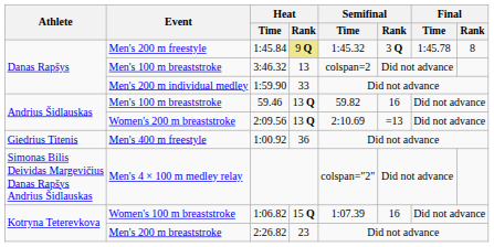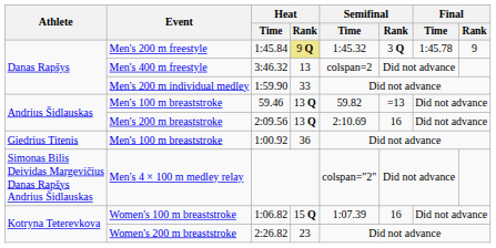 <table class=wikitable style="font-size:90%">
 <tr>
 <th rowspan="2">Athlete</th>
 <th rowspan="2">Event</th>
 <th colspan="2">Heat</th>
 <th colspan="2">Semifinal</th>
 <th colspan="2">Final</th>
 </tr>
 <tr style="font-size:95%">
 <th>Time</th>
 <th>Rank</th>
 <th>Time</th>
 <th>Rank</th>
 <th>Time</th>
 <th>Rank</th>
 </tr>
 <tr align=center>
 <td align=left rowspan=3><a href='#'>Danas Rapšys</a></td>
 <td align=left><a href='#'>Men's 200 m freestyle</a></td>
 <td>1:45.84</td>
 <td style="background: khaki;">9 <strong>Q</strong></td>
 <td>1:45.32</td>
 <td>3 <strong>Q</strong></td>
 <td>1:45.78</td>
-<td>8</td>
+<td>9</td>
 </tr>
 <tr align=center>
-<td align=left><a href='#'>Men's 100 m breaststroke</a></td>
+<td align=left><a href='#'>Men's 400 m freestyle</a></td>
 <td>3:46.32</td>
 <td>13</td>
 <td>colspan=2 </td>
 <td colspan="2">Did not advance</td>
 </tr>
 <tr align=center>
 <td align=left><a href='#'>Men's 200 m individual medley</a></td>
 <td>1:59.90</td>
 <td>33</td>
 <td colspan="4">Did not advance</td>
 </tr>
 <tr align=center>
 <td align=left rowspan=2><a href='#'>Andrius Šidlauskas</a></td>
 <td align=left><a href='#'>Men's 100 m breaststroke</a></td>
 <td>59.46</td>
 <td>13 <strong>Q</strong></td>
 <td>59.82</td>
+<td>=13</td>
+<td colspan="2">Did not advance</td>
+</tr>
+<tr align=center>
+<td align=left><a href='#'>Men's 200 m breaststroke</a></td>
+<td>2:09.56</td>
+<td>13 <strong>Q</strong></td>
+<td>2:10.69</td>
 <td>16</td>
 <td colspan="2">Did not advance</td>
 </tr>
 <tr align=center>
-<td align=left><a href='#'>Women's 200 m breaststroke</a></td>
-<td>2:09.56</td>
-<td>13 <strong>Q</strong></td>
-<td>2:10.69</td>
-<td>=13</td>
-<td colspan="2">Did not advance</td>
-</tr>
-<tr align=center>
 <td align=left><a href='#'>Giedrius Titenis</a></td>
-<td align=left><a href='#'>Men's 400 m freestyle</a></td>
+<td align=left><a href='#'>Men's 100 m breaststroke</a></td>
 <td>1:00.92</td>
 <td>36</td>
 <td colspan="4">Did not advance</td>
 </tr>
 <tr align=center>
 <td align=left><a href='#'>Simonas Bilis</a><br><a href='#'>Deividas Margevičius</a><br><a href='#'>Danas Rapšys</a><br><a href='#'>Andrius Šidlauskas</a></td>
 <td align=left><a href='#'>Men's 4 × 100 m medley relay</a></td>
 <td colspan="2"></td>
 <td>colspan="2" </td>
 <td colspan="2">Did not advance</td>
 </tr>
 <tr align=center>
 <td align=left rowspan=2><a href='#'>Kotryna Teterevkova</a></td>
 <td align=left><a href='#'>Women's 100 m breaststroke</a></td>
 <td>1:06.82</td>
 <td>15 <strong>Q</strong></td>
 <td>1:07.39</td>
 <td>16</td>
 <td colspan="2">Did not advance</td>
 </tr>
 <tr align=center>
-<td align=left><a href='#'>Men's 200 m breaststroke</a></td>
+<td align=left><a href='#'>Women's 200 m breaststroke</a></td>
 <td>2:26.82</td>
 <td>23</td>
 <td colspan="4">Did not advance</td>
 </tr>
 </table>
